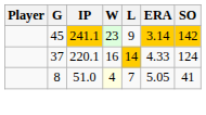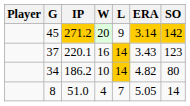 <table class="wikitable sortable" style="text-align:center;">
 <tr>
 <th>Player</th>
 <th>G</th>
 <th>IP</th>
 <th>W</th>
 <th>L</th>
 <th>ERA</th>
 <th>SO</th>
 </tr>
 <tr>
 <td></td>
 <td>45</td>
-<td style="background:#fc0;">241.1</td>
-<td style="background:#DDFFDD;">23</td>
+<td style="background:#fc0;">271.2</td>
+<td style="background:#DDFFDD;">20</td>
 <td>9</td>
 <td style="background:#fc0;">3.14</td>
 <td style="background:#fc0;">142</td>
 </tr>
 <tr>
 <td></td>
 <td>37</td>
 <td>220.1</td>
 <td>16</td>
 <td style="background:#fc0;">14</td>
-<td>4.33</td>
-<td>124</td>
+<td>3.43</td>
+<td>123</td>
+</tr>
+<tr>
+<td></td>
+<td>34</td>
+<td>186.2</td>
+<td>10</td>
+<td style="background:#fc0;">14</td>
+<td>4.82</td>
+<td>80</td>
 </tr>
 <tr>
 <td></td>
 <td>8</td>
 <td>51.0</td>
-<td style="background: lightyellow;">4</td>
+<td>4</td>
 <td>7</td>
 <td>5.05</td>
-<td>41</td>
+<td>14</td>
 </tr>
 </table>
